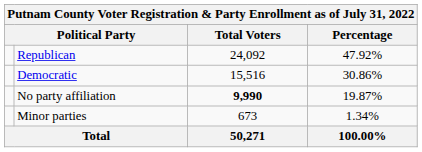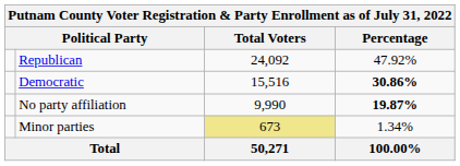 <table class=wikitable>
 <tr>
 <th colspan = 6>Putnam County Voter Registration & Party Enrollment as of July 31, 2022</th>
 </tr>
 <tr>
 <th colspan = 2>Political Party</th>
 <th>Total Voters</th>
 <th>Percentage</th>
 </tr>
 <tr>
 <td></td>
 <td><a href='#'>Republican</a></td>
 <td align = center>24,092</td>
 <td align = center>47.92%</td>
 </tr>
 <tr>
 <td></td>
 <td><a href='#'>Democratic</a></td>
 <td align = center>15,516</td>
-<td align = center>30.86%</td>
+<td align = center><strong>30.86%</strong></td>
 </tr>
 <tr>
 <td></td>
 <td>No party affiliation</td>
-<td align = center><strong>9,990</strong></td>
-<td align = center>19.87%</td>
+<td align = center>9,990</td>
+<td align = center><strong>19.87%</strong></td>
 </tr>
 <tr>
 <td></td>
 <td>Minor parties</td>
-<td align = center>673</td>
+<td align = center style="background: khaki;">673</td>
 <td align = center>1.34%</td>
 </tr>
 <tr>
 <th colspan = 2>Total</th>
 <th align = center>50,271</th>
 <th align = center>100.00%</th>
 </tr>
 </table>
